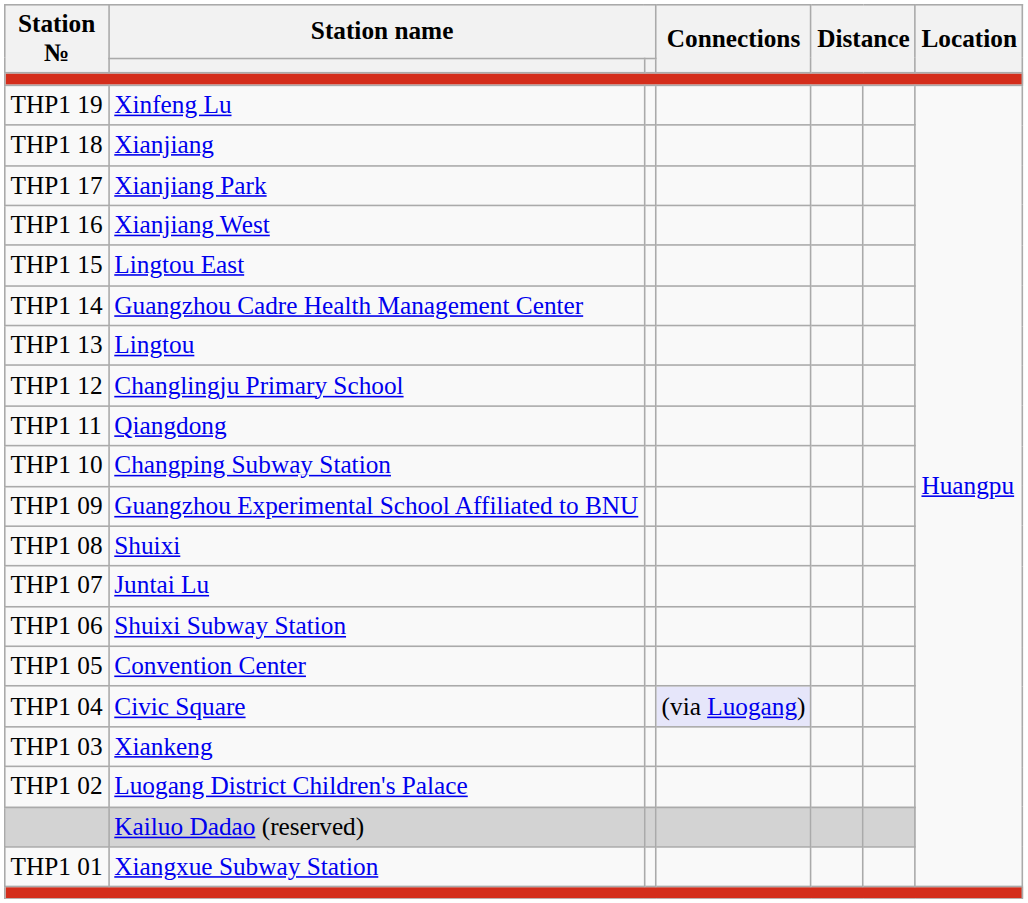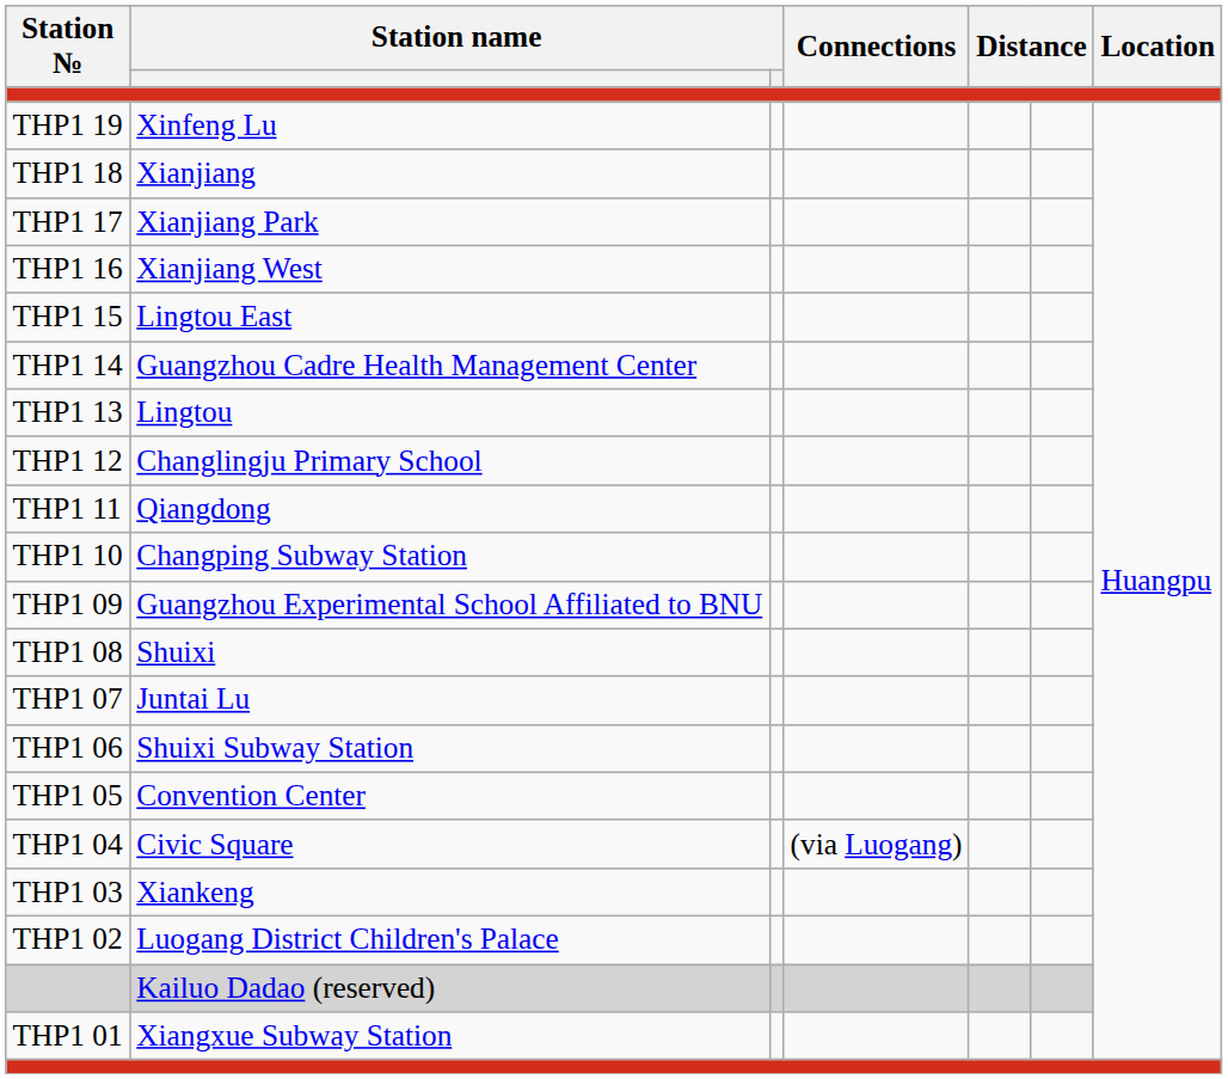 <table class="wikitable">
 <tr>
 <th rowspan="2">Station<br>№</th>
 <th colspan="2">Station name</th>
 <th rowspan="2">Connections</th>
 <th colspan="2" rowspan="2">Distance<br></th>
 <th rowspan="2">Location</th>
 </tr>
 <tr>
 <th></th>
 <th></th>
 </tr>
 <tr style = "background:#d42d1b; height: 2pt">
 <td colspan="7"></td>
 </tr>
 <tr>
 <td>THP1 19</td>
 <td><a href='#'>Xinfeng Lu</a></td>
 <td></td>
 <td></td>
 <td></td>
 <td></td>
 <td rowspan="20"><a href='#'>Huangpu</a></td>
 </tr>
 <tr>
 <td>THP1 18</td>
 <td><a href='#'>Xianjiang</a></td>
 <td></td>
 <td></td>
 <td></td>
 <td></td>
 </tr>
 <tr>
 <td>THP1 17</td>
 <td><a href='#'>Xianjiang Park</a></td>
 <td></td>
 <td></td>
 <td></td>
 <td></td>
 </tr>
 <tr>
 <td>THP1 16</td>
 <td><a href='#'>Xianjiang West</a></td>
 <td></td>
 <td></td>
 <td></td>
 <td></td>
 </tr>
 <tr>
 <td>THP1 15</td>
 <td><a href='#'>Lingtou East</a></td>
 <td></td>
 <td></td>
 <td></td>
 <td></td>
 </tr>
 <tr>
 <td>THP1 14</td>
 <td><a href='#'>Guangzhou Cadre Health Management Center</a></td>
 <td></td>
 <td></td>
 <td></td>
 <td></td>
 </tr>
 <tr>
 <td>THP1 13</td>
 <td><a href='#'>Lingtou</a></td>
 <td></td>
 <td></td>
 <td></td>
 <td></td>
 </tr>
 <tr>
 <td>THP1 12</td>
 <td><a href='#'>Changlingju Primary School</a></td>
 <td></td>
 <td></td>
 <td></td>
 <td></td>
 </tr>
 <tr>
 <td>THP1 11</td>
 <td><a href='#'>Qiangdong</a></td>
 <td></td>
 <td></td>
 <td></td>
 <td></td>
 </tr>
 <tr>
 <td>THP1 10</td>
 <td><a href='#'>Changping Subway Station</a></td>
 <td></td>
 <td> </td>
 <td></td>
 <td></td>
 </tr>
 <tr>
 <td>THP1 09</td>
 <td><a href='#'>Guangzhou Experimental School Affiliated to BNU</a></td>
 <td></td>
 <td></td>
 <td></td>
 <td></td>
 </tr>
 <tr>
 <td>THP1 08</td>
 <td><a href='#'>Shuixi</a></td>
 <td></td>
 <td></td>
 <td></td>
 <td></td>
 </tr>
 <tr>
 <td>THP1 07</td>
 <td><a href='#'>Juntai Lu</a></td>
 <td></td>
 <td></td>
 <td></td>
 <td></td>
 </tr>
 <tr>
 <td>THP1 06</td>
 <td><a href='#'>Shuixi Subway Station</a></td>
 <td></td>
 <td>  </td>
 <td></td>
 <td></td>
 </tr>
 <tr>
 <td>THP1 05</td>
 <td><a href='#'>Convention Center</a></td>
 <td></td>
 <td></td>
 <td></td>
 <td></td>
 </tr>
 <tr>
 <td>THP1 04</td>
 <td><a href='#'>Civic Square</a></td>
 <td></td>
-<td style="background: lavender;">   (via <a href='#'>Luogang</a>)</td>
+<td>   (via <a href='#'>Luogang</a>)</td>
 <td></td>
 <td></td>
 </tr>
 <tr>
 <td>THP1 03</td>
 <td><a href='#'>Xiankeng</a></td>
 <td></td>
 <td></td>
 <td></td>
 <td></td>
 </tr>
 <tr>
 <td>THP1 02</td>
 <td><a href='#'>Luogang District Children's Palace</a></td>
 <td></td>
 <td></td>
 <td></td>
 <td></td>
 </tr>
 <tr bgcolor="lightgrey">
 <td></td>
 <td><a href='#'>Kailuo Dadao</a> (reserved)</td>
 <td></td>
 <td></td>
 <td></td>
 <td></td>
 </tr>
 <tr>
 <td>THP1 01</td>
 <td><a href='#'>Xiangxue Subway Station</a></td>
 <td></td>
 <td>  </td>
 <td></td>
 <td></td>
 </tr>
 <tr style = "background:#d42d1b; height: 2pt">
 <td colspan="7"></td>
 </tr>
 </table>
